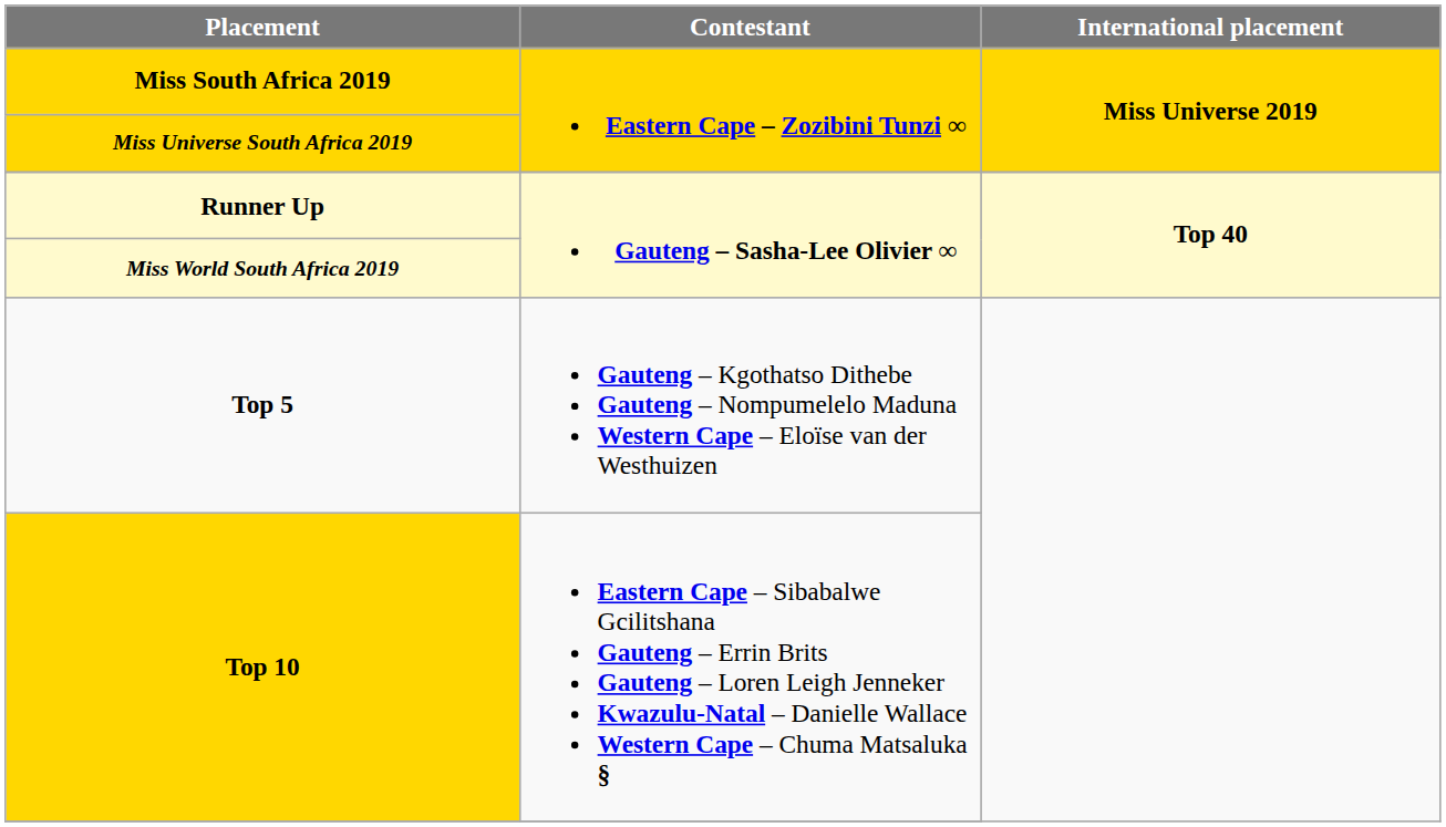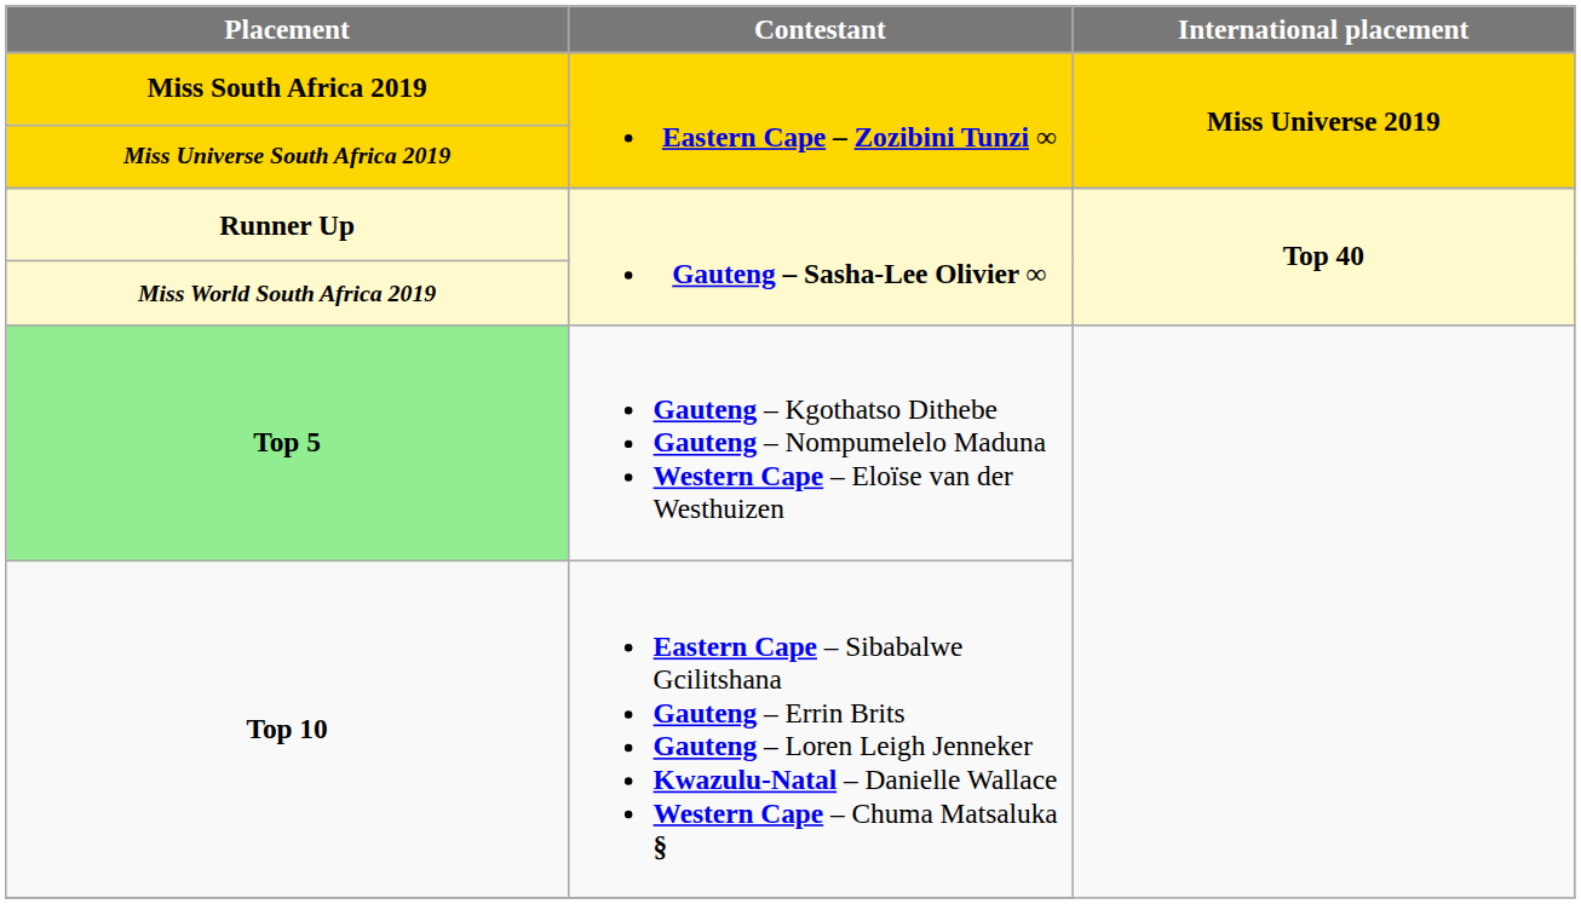 <table class="wikitable sortable" style="font-size:90%;">
 <tr>
 <th style="width:280px;background-color:#787878;color:#FFFFFF;">Placement</th>
 <th style="width:250px;background-color:#787878;color:#FFFFFF;">Contestant</th>
 <th style="width:250px;background-color:#787878;color:#FFFFFF;">International placement</th>
 </tr>
 <tr align="center" style="background:gold; font-weight: bold">
 <td>Miss South Africa 2019</td>
 <td rowspan="2"><br><ul><li><strong><a href='#'>Eastern Cape</a></strong> – <strong><a href='#'>Zozibini Tunzi</a></strong> <strong>∞</strong></li></ul></td>
 <td rowspan="2">Miss Universe 2019</td>
 </tr>
 <tr align="center" style="background:gold; font-weight: bold">
 <td style="text-align:center; font-size:85%"><em>Miss Universe South Africa 2019</em></td>
 </tr>
 <tr>
 </tr>
 <tr align="center" style="background:#FFFACD; font-weight: bold">
 <td style="text-align:center"><strong>Runner Up</strong></td>
 <td rowspan="2"><br><ul><li><strong><a href='#'>Gauteng</a></strong> – Sasha-Lee Olivier <strong>∞</strong></li></ul></td>
 <td rowspan="2">Top 40</td>
 </tr>
 <tr align="center" style="background:#FFFACD; font-weight: bold">
 <td style="text-align:center; font-size:85%"><em>Miss World South Africa 2019</em></td>
 </tr>
 <tr>
-<td style="text-align:center"><strong>Top 5</strong></td>
+<td style="background: lightgreen; text-align:center"><strong>Top 5</strong></td>
 <td><br><ul><li><strong><a href='#'>Gauteng</a></strong> – Kgothatso Dithebe</li><li><strong><a href='#'>Gauteng</a></strong> – Nompumelelo Maduna</li><li><strong><a href='#'>Western Cape</a></strong> – Eloïse van der Westhuizen</li></ul></td>
 </tr>
 <tr>
-<td style="background: gold; text-align:center"><strong>Top 10</strong></td>
+<td style="text-align:center"><strong>Top 10</strong></td>
 <td><br><ul><li><strong><a href='#'>Eastern Cape</a></strong> – Sibabalwe Gcilitshana</li><li><strong><a href='#'>Gauteng</a></strong> – Errin Brits</li><li><strong><a href='#'>Gauteng</a></strong> – Loren Leigh Jenneker</li><li><strong><a href='#'>Kwazulu-Natal</a></strong> – Danielle Wallace</li><li><strong><a href='#'>Western Cape</a></strong> – Chuma Matsaluka <strong>§</strong></li></ul></td>
 </tr>
 <tr>
 </tr>
 </table>
